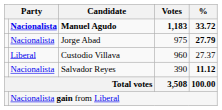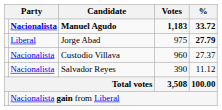 <table class="wikitable" style="font-size:90%; text-align:right;">
 <tr>
 <th colspan="2" style="width:75px;">Party</th>
 <th style="width:150px;">Candidate</th>
 <th style="width:50px;">Votes</th>
 <th style="width:10px;">%</th>
 </tr>
 <tr>
 <td style="background:"></td>
 <td style="text-align:left;"><strong><a href='#'>Nacionalista</a></strong></td>
 <td style="text-align:left;"><strong>Manuel Agudo</strong></td>
 <td><strong>1,183</strong></td>
 <td><strong>33.72</strong></td>
 </tr>
 <tr>
 <td style="background:"></td>
-<td style="text-align:left;"><a href='#'>Nacionalista</a></td>
+<td style="text-align:left;"><a href='#'>Liberal</a></td>
 <td style="text-align:left;">Jorge Abad</td>
 <td>975</td>
 <td><strong>27.79</strong></td>
 </tr>
 <tr>
 <td style="background:"></td>
-<td style="text-align:left;"><a href='#'>Liberal</a></td>
+<td style="text-align:left;"><a href='#'>Nacionalista</a></td>
 <td style="text-align:left;">Custodio Villava</td>
 <td>960</td>
 <td>27.37</td>
 </tr>
 <tr>
 <td style="background:"></td>
 <td style="text-align:left;"><a href='#'>Nacionalista</a></td>
 <td style="text-align:left;">Salvador Reyes</td>
 <td>390</td>
-<td><strong>11.12</strong></td>
+<td>11.12</td>
 </tr>
 <tr style="background-color:#F6F6F6">
 <th colspan="3" style="text-align:right;">Total votes</th>
 <td><strong>3,508</strong></td>
 <td><strong>100.00</strong></td>
 </tr>
 <tr style="background-color:#F6F6F6">
 <td style="background:"></td>
 <td colspan="4" style="text-align:left;"><a href='#'>Nacionalista</a> <strong>gain</strong> from <a href='#'>Liberal</a></td>
 </tr>
 </table>
